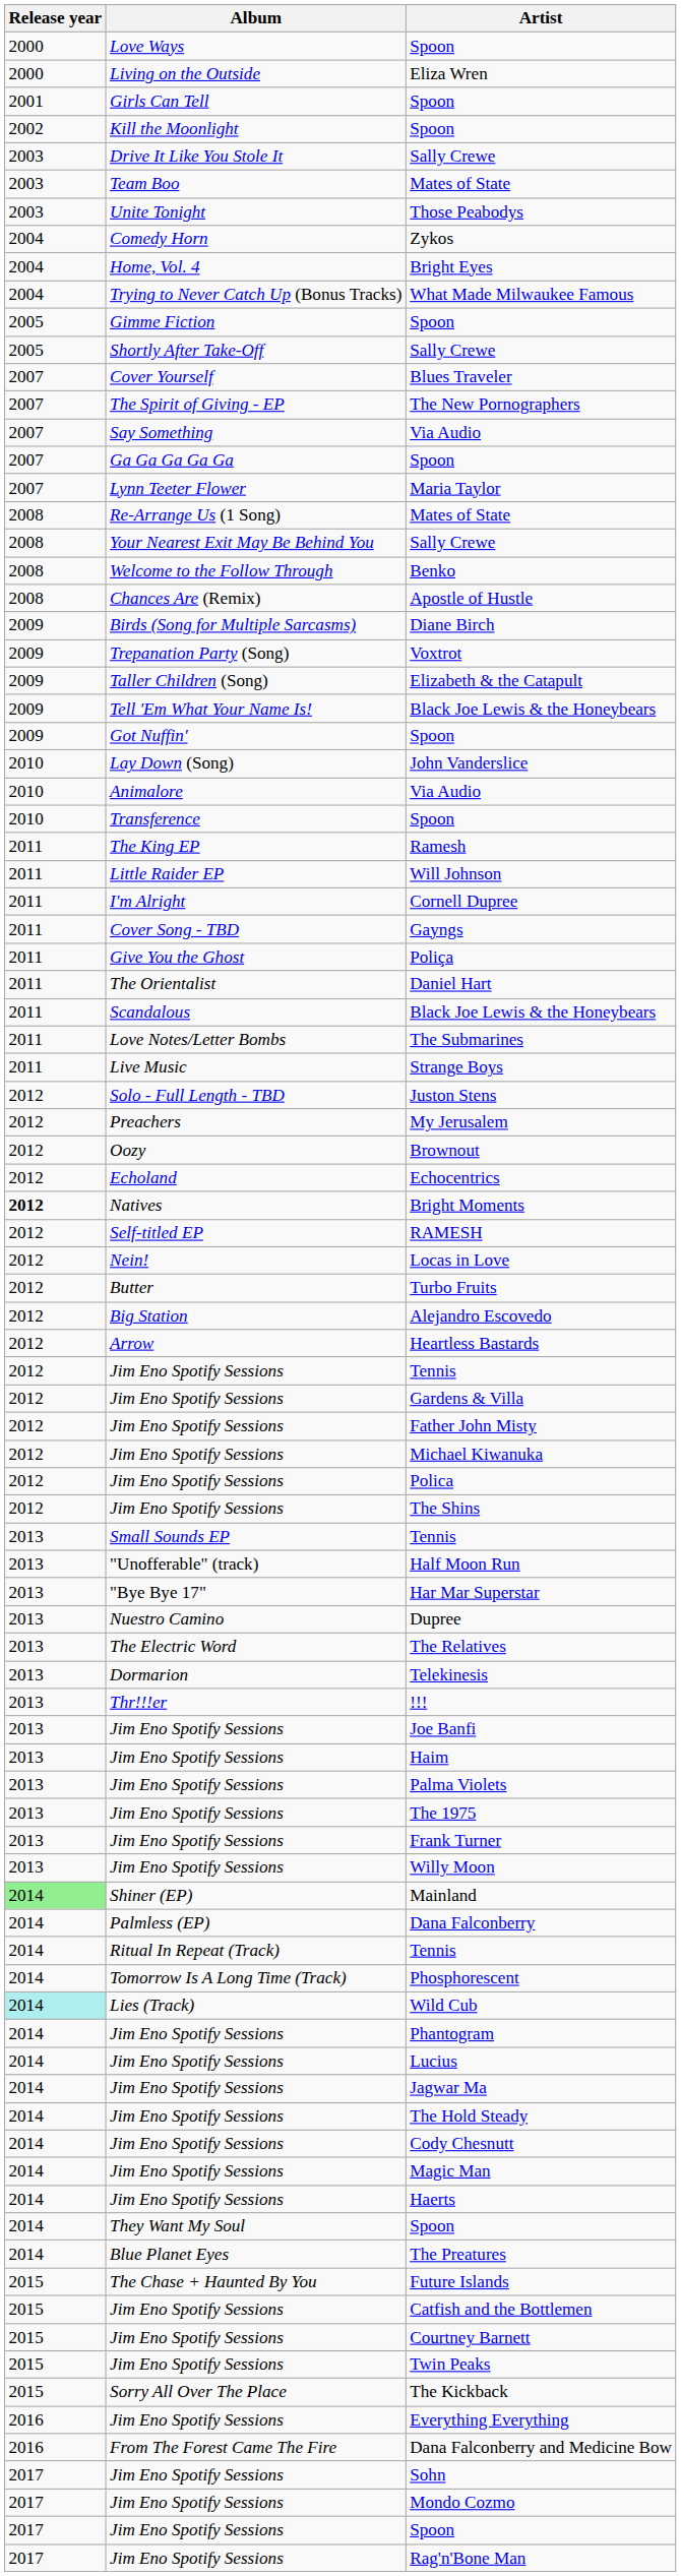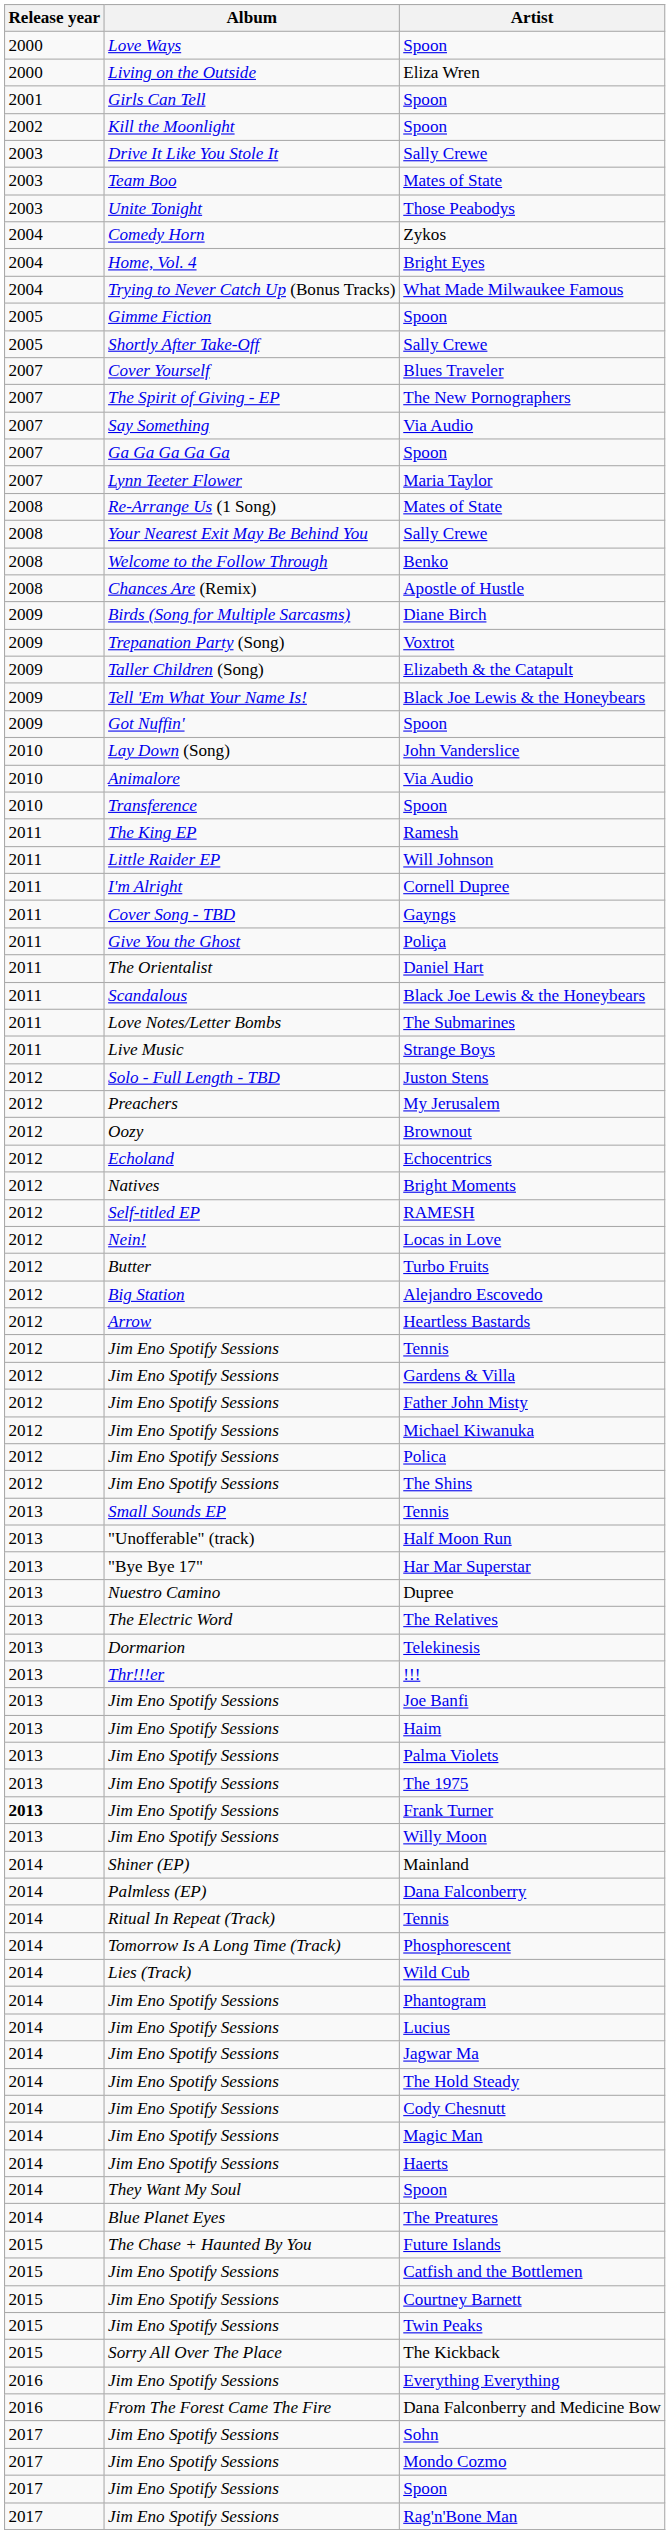 <table class="wikitable">
 <tr>
 <th>Release year</th>
 <th>Album</th>
 <th>Artist</th>
 </tr>
 <tr>
 <td>2000</td>
 <td><em><a href='#'>Love Ways</a></em></td>
 <td><a href='#'>Spoon</a></td>
 </tr>
 <tr>
 <td>2000</td>
 <td><em><a href='#'>Living on the Outside</a></em></td>
 <td>Eliza Wren</td>
 </tr>
 <tr>
 <td>2001</td>
 <td><em><a href='#'>Girls Can Tell</a></em></td>
 <td><a href='#'>Spoon</a></td>
 </tr>
 <tr>
 <td>2002</td>
 <td><em><a href='#'>Kill the Moonlight</a></em></td>
 <td><a href='#'>Spoon</a></td>
 </tr>
 <tr>
 <td>2003</td>
 <td><em><a href='#'>Drive It Like You Stole It</a></em></td>
 <td><a href='#'>Sally Crewe</a></td>
 </tr>
 <tr>
 <td>2003</td>
 <td><em><a href='#'>Team Boo</a></em></td>
 <td><a href='#'>Mates of State</a></td>
 </tr>
 <tr>
 <td>2003</td>
 <td><em><a href='#'>Unite Tonight</a></em></td>
 <td><a href='#'>Those Peabodys</a></td>
 </tr>
 <tr>
 <td>2004</td>
 <td><em><a href='#'>Comedy Horn</a></em></td>
 <td>Zykos</td>
 </tr>
 <tr>
 <td>2004</td>
 <td><em><a href='#'>Home, Vol. 4</a></em></td>
 <td><a href='#'>Bright Eyes</a></td>
 </tr>
 <tr>
 <td>2004</td>
 <td><em><a href='#'>Trying to Never Catch Up</a></em> (Bonus Tracks)</td>
 <td><a href='#'>What Made Milwaukee Famous</a></td>
 </tr>
 <tr>
 <td>2005</td>
 <td><em><a href='#'>Gimme Fiction</a></em></td>
 <td><a href='#'>Spoon</a></td>
 </tr>
 <tr>
 <td>2005</td>
 <td><em><a href='#'>Shortly After Take-Off</a></em></td>
 <td><a href='#'>Sally Crewe</a></td>
 </tr>
 <tr>
 <td>2007</td>
 <td><em><a href='#'>Cover Yourself</a></em></td>
 <td><a href='#'>Blues Traveler</a></td>
 </tr>
 <tr>
 <td>2007</td>
 <td><em><a href='#'>The Spirit of Giving - EP</a></em></td>
 <td><a href='#'>The New Pornographers</a></td>
 </tr>
 <tr>
 <td>2007</td>
 <td><em><a href='#'>Say Something</a></em></td>
 <td><a href='#'>Via Audio</a></td>
 </tr>
 <tr>
 <td>2007</td>
 <td><em><a href='#'>Ga Ga Ga Ga Ga</a></em></td>
 <td><a href='#'>Spoon</a></td>
 </tr>
 <tr>
 <td>2007</td>
 <td><em><a href='#'>Lynn Teeter Flower</a></em></td>
 <td><a href='#'>Maria Taylor</a></td>
 </tr>
 <tr>
 <td>2008</td>
 <td><em><a href='#'>Re-Arrange Us</a></em> (1 Song)</td>
 <td><a href='#'>Mates of State</a></td>
 </tr>
 <tr>
 <td>2008</td>
 <td><em><a href='#'>Your Nearest Exit May Be Behind You</a></em></td>
 <td><a href='#'>Sally Crewe</a></td>
 </tr>
 <tr>
 <td>2008</td>
 <td><em><a href='#'>Welcome to the Follow Through</a></em></td>
 <td><a href='#'>Benko</a></td>
 </tr>
 <tr>
 <td>2008</td>
 <td><em><a href='#'>Chances Are</a></em> (Remix)</td>
 <td><a href='#'>Apostle of Hustle</a></td>
 </tr>
 <tr>
 <td>2009</td>
 <td><em><a href='#'>Birds (Song for Multiple Sarcasms)</a></em></td>
 <td><a href='#'>Diane Birch</a></td>
 </tr>
 <tr>
 <td>2009</td>
 <td><em><a href='#'>Trepanation Party</a></em> (Song)</td>
 <td><a href='#'>Voxtrot</a></td>
 </tr>
 <tr>
 <td>2009</td>
 <td><em><a href='#'>Taller Children</a></em> (Song)</td>
 <td><a href='#'>Elizabeth & the Catapult</a></td>
 </tr>
 <tr>
 <td>2009</td>
 <td><em><a href='#'>Tell 'Em What Your Name Is!</a></em></td>
 <td><a href='#'>Black Joe Lewis & the Honeybears</a></td>
 </tr>
 <tr>
 <td>2009</td>
 <td><em><a href='#'>Got Nuffin'</a></em></td>
 <td><a href='#'>Spoon</a></td>
 </tr>
 <tr>
 <td>2010</td>
 <td><em><a href='#'>Lay Down</a></em> (Song)</td>
 <td><a href='#'>John Vanderslice</a></td>
 </tr>
 <tr>
 <td>2010</td>
 <td><em><a href='#'>Animalore</a></em></td>
 <td><a href='#'>Via Audio</a></td>
 </tr>
 <tr>
 <td>2010</td>
 <td><em><a href='#'>Transference</a></em></td>
 <td><a href='#'>Spoon</a></td>
 </tr>
 <tr>
 <td>2011</td>
 <td><em><a href='#'>The King EP</a></em></td>
 <td><a href='#'>Ramesh</a></td>
 </tr>
 <tr>
 <td>2011</td>
 <td><em><a href='#'>Little Raider EP</a></em></td>
 <td><a href='#'>Will Johnson</a></td>
 </tr>
 <tr>
 <td>2011</td>
 <td><em><a href='#'>I'm Alright</a></em></td>
 <td><a href='#'>Cornell Dupree</a></td>
 </tr>
 <tr>
 <td>2011</td>
 <td><em><a href='#'>Cover Song - TBD</a></em></td>
 <td><a href='#'>Gayngs</a></td>
 </tr>
 <tr>
 <td>2011</td>
 <td><em><a href='#'>Give You the Ghost</a></em></td>
 <td><a href='#'>Poliça</a></td>
 </tr>
 <tr>
 <td>2011</td>
 <td><em>The Orientalist</em></td>
 <td><a href='#'>Daniel Hart</a></td>
 </tr>
 <tr>
 <td>2011</td>
 <td><em><a href='#'>Scandalous</a></em></td>
 <td><a href='#'>Black Joe Lewis & the Honeybears</a></td>
 </tr>
 <tr>
 <td>2011</td>
 <td><em>Love Notes/Letter Bombs</em></td>
 <td><a href='#'>The Submarines</a></td>
 </tr>
 <tr>
 <td>2011</td>
 <td><em>Live Music</em></td>
 <td><a href='#'>Strange Boys</a></td>
 </tr>
 <tr>
 <td>2012</td>
 <td><em><a href='#'>Solo - Full Length - TBD</a></em></td>
 <td><a href='#'>Juston Stens</a></td>
 </tr>
 <tr>
 <td>2012</td>
 <td><em>Preachers</em></td>
 <td><a href='#'>My Jerusalem</a></td>
 </tr>
 <tr>
 <td>2012</td>
 <td><em>Oozy</em></td>
 <td><a href='#'>Brownout</a></td>
 </tr>
 <tr>
 <td>2012</td>
 <td><em><a href='#'>Echoland</a></em></td>
 <td><a href='#'>Echocentrics</a></td>
 </tr>
 <tr>
-<td><strong>2012</strong></td>
+<td>2012</td>
 <td><em>Natives</em></td>
 <td><a href='#'>Bright Moments</a></td>
 </tr>
 <tr>
 <td>2012</td>
 <td><em><a href='#'>Self-titled EP</a></em></td>
 <td><a href='#'>RAMESH</a></td>
 </tr>
 <tr>
 <td>2012</td>
 <td><em><a href='#'>Nein!</a></em></td>
 <td><a href='#'>Locas in Love</a></td>
 </tr>
 <tr>
 <td>2012</td>
 <td><em>Butter</em></td>
 <td><a href='#'>Turbo Fruits</a></td>
 </tr>
 <tr>
 <td>2012</td>
 <td><em><a href='#'>Big Station</a></em></td>
 <td><a href='#'>Alejandro Escovedo</a></td>
 </tr>
 <tr>
 <td>2012</td>
 <td><em><a href='#'>Arrow</a></em></td>
 <td><a href='#'>Heartless Bastards</a></td>
 </tr>
 <tr>
 <td>2012</td>
 <td><em>Jim Eno Spotify Sessions</em></td>
 <td><a href='#'>Tennis</a></td>
 </tr>
 <tr>
 <td>2012</td>
 <td><em>Jim Eno Spotify Sessions</em></td>
 <td><a href='#'>Gardens & Villa</a></td>
 </tr>
 <tr>
 <td>2012</td>
 <td><em>Jim Eno Spotify Sessions</em></td>
 <td><a href='#'>Father John Misty</a></td>
 </tr>
 <tr>
 <td>2012</td>
 <td><em>Jim Eno Spotify Sessions</em></td>
 <td><a href='#'>Michael Kiwanuka</a></td>
 </tr>
 <tr>
 <td>2012</td>
 <td><em>Jim Eno Spotify Sessions</em></td>
 <td><a href='#'>Polica</a></td>
 </tr>
 <tr>
 <td>2012</td>
 <td><em>Jim Eno Spotify Sessions</em></td>
 <td><a href='#'>The Shins</a></td>
 </tr>
 <tr>
 <td>2013</td>
 <td><em><a href='#'>Small Sounds EP</a></em></td>
 <td><a href='#'>Tennis</a></td>
 </tr>
 <tr>
 <td>2013</td>
 <td>"Unofferable" (track)</td>
 <td><a href='#'>Half Moon Run</a></td>
 </tr>
 <tr>
 <td>2013</td>
 <td>"Bye Bye 17"</td>
 <td><a href='#'>Har Mar Superstar</a></td>
 </tr>
 <tr>
 <td>2013</td>
 <td><em>Nuestro Camino</em></td>
 <td>Dupree</td>
 </tr>
 <tr>
 <td>2013</td>
 <td><em>The Electric Word</em></td>
 <td><a href='#'>The Relatives</a></td>
 </tr>
 <tr>
 <td>2013</td>
 <td><em>Dormarion</em></td>
 <td><a href='#'>Telekinesis</a></td>
 </tr>
 <tr>
 <td>2013</td>
 <td><em><a href='#'>Thr!!!er</a></em></td>
 <td><a href='#'>!!!</a></td>
 </tr>
 <tr>
 <td>2013</td>
 <td><em>Jim Eno Spotify Sessions</em></td>
 <td><a href='#'>Joe Banfi</a></td>
 </tr>
 <tr>
 <td>2013</td>
 <td><em>Jim Eno Spotify Sessions</em></td>
 <td><a href='#'>Haim</a></td>
 </tr>
 <tr>
 <td>2013</td>
 <td><em>Jim Eno Spotify Sessions</em></td>
 <td><a href='#'>Palma Violets</a></td>
 </tr>
 <tr>
 <td>2013</td>
 <td><em>Jim Eno Spotify Sessions</em></td>
 <td><a href='#'>The 1975</a></td>
 </tr>
 <tr>
-<td>2013</td>
+<td><strong>2013</strong></td>
 <td><em>Jim Eno Spotify Sessions</em></td>
 <td><a href='#'>Frank Turner</a></td>
 </tr>
 <tr>
 <td>2013</td>
 <td><em>Jim Eno Spotify Sessions</em></td>
 <td><a href='#'>Willy Moon</a></td>
 </tr>
 <tr>
-<td style="background: lightgreen;">2014</td>
+<td>2014</td>
 <td><em>Shiner (EP)</em></td>
 <td>Mainland</td>
 </tr>
 <tr>
 <td>2014</td>
 <td><em>Palmless (EP)</em></td>
 <td><a href='#'>Dana Falconberry</a></td>
 </tr>
 <tr>
 <td>2014</td>
 <td><em>Ritual In Repeat (Track)</em></td>
 <td><a href='#'>Tennis</a></td>
 </tr>
 <tr>
 <td>2014</td>
 <td><em>Tomorrow Is A Long Time (Track)</em></td>
 <td><a href='#'>Phosphorescent</a></td>
 </tr>
 <tr>
-<td style="background: paleturquoise;">2014</td>
+<td>2014</td>
 <td><em>Lies (Track)</em></td>
 <td><a href='#'>Wild Cub</a></td>
 </tr>
 <tr>
 <td>2014</td>
 <td><em>Jim Eno Spotify Sessions</em></td>
 <td><a href='#'>Phantogram</a></td>
 </tr>
 <tr>
 <td>2014</td>
 <td><em>Jim Eno Spotify Sessions</em></td>
 <td><a href='#'>Lucius</a></td>
 </tr>
 <tr>
 <td>2014</td>
 <td><em>Jim Eno Spotify Sessions</em></td>
 <td><a href='#'>Jagwar Ma</a></td>
 </tr>
 <tr>
 <td>2014</td>
 <td><em>Jim Eno Spotify Sessions</em></td>
 <td><a href='#'>The Hold Steady</a></td>
 </tr>
 <tr>
 <td>2014</td>
 <td><em>Jim Eno Spotify Sessions</em></td>
 <td><a href='#'>Cody Chesnutt</a></td>
 </tr>
 <tr>
 <td>2014</td>
 <td><em>Jim Eno Spotify Sessions</em></td>
 <td><a href='#'>Magic Man</a></td>
 </tr>
 <tr>
 <td>2014</td>
 <td><em>Jim Eno Spotify Sessions</em></td>
 <td><a href='#'>Haerts</a></td>
 </tr>
 <tr>
 <td>2014</td>
 <td><em>They Want My Soul</em></td>
 <td><a href='#'>Spoon</a></td>
 </tr>
 <tr>
 <td>2014</td>
 <td><em>Blue Planet Eyes</em></td>
 <td><a href='#'>The Preatures</a></td>
 </tr>
 <tr>
 <td>2015</td>
 <td><em>The Chase + Haunted By You</em></td>
 <td><a href='#'>Future Islands</a></td>
 </tr>
 <tr>
 <td>2015</td>
 <td><em>Jim Eno Spotify Sessions</em></td>
 <td><a href='#'>Catfish and the Bottlemen</a></td>
 </tr>
 <tr>
 <td>2015</td>
 <td><em>Jim Eno Spotify Sessions</em></td>
 <td><a href='#'>Courtney Barnett</a></td>
 </tr>
 <tr>
 <td>2015</td>
 <td><em>Jim Eno Spotify Sessions</em></td>
 <td><a href='#'>Twin Peaks</a></td>
 </tr>
 <tr>
 <td>2015</td>
 <td><em>Sorry All Over The Place</em></td>
 <td>The Kickback</td>
 </tr>
 <tr>
 <td>2016</td>
 <td><em>Jim Eno Spotify Sessions</em></td>
 <td><a href='#'>Everything Everything</a></td>
 </tr>
 <tr>
 <td>2016</td>
 <td><em>From The Forest Came The Fire</em></td>
 <td>Dana Falconberry and Medicine Bow</td>
 </tr>
 <tr>
 <td>2017</td>
 <td><em>Jim Eno Spotify Sessions</em></td>
 <td><a href='#'>Sohn</a></td>
 </tr>
 <tr>
 <td>2017</td>
 <td><em>Jim Eno Spotify Sessions</em></td>
 <td><a href='#'>Mondo Cozmo</a></td>
 </tr>
 <tr>
 <td>2017</td>
 <td><em>Jim Eno Spotify Sessions</em></td>
 <td><a href='#'>Spoon</a></td>
 </tr>
 <tr>
 <td>2017</td>
 <td><em>Jim Eno Spotify Sessions</em></td>
 <td><a href='#'>Rag'n'Bone Man</a></td>
 </tr>
 <tr>
 </tr>
 </table>
